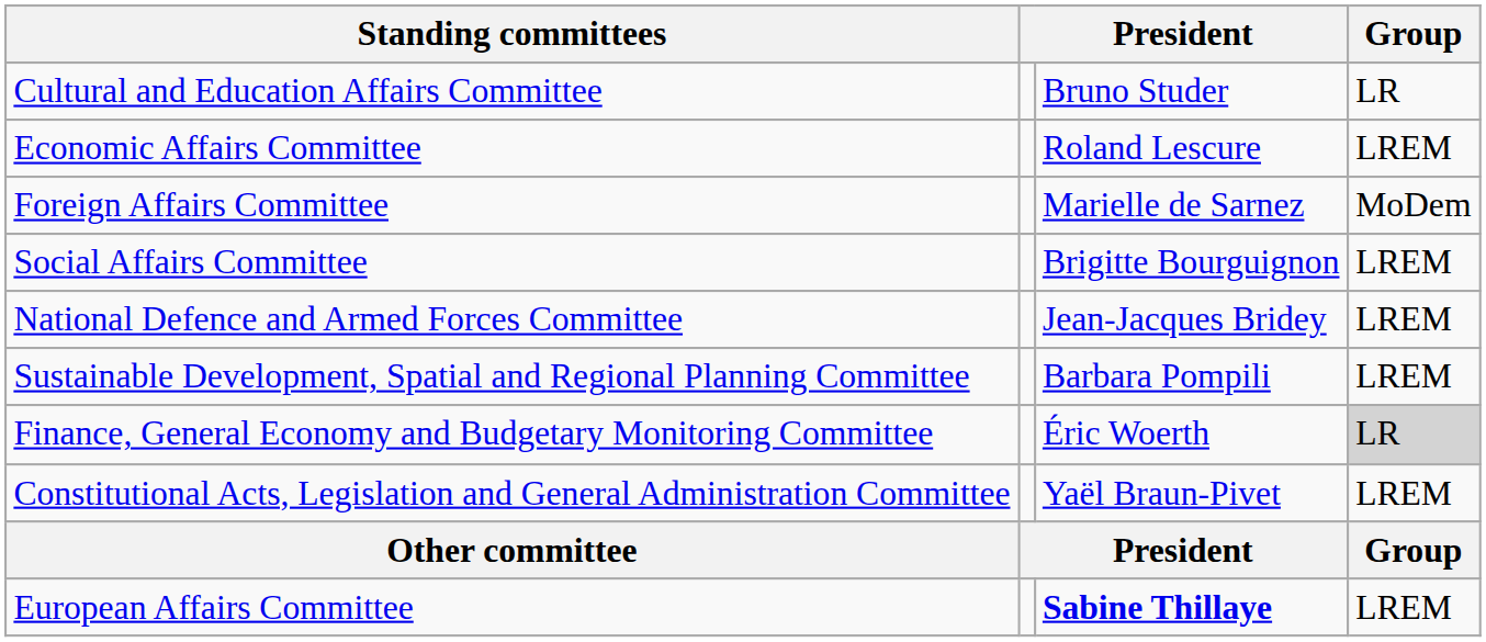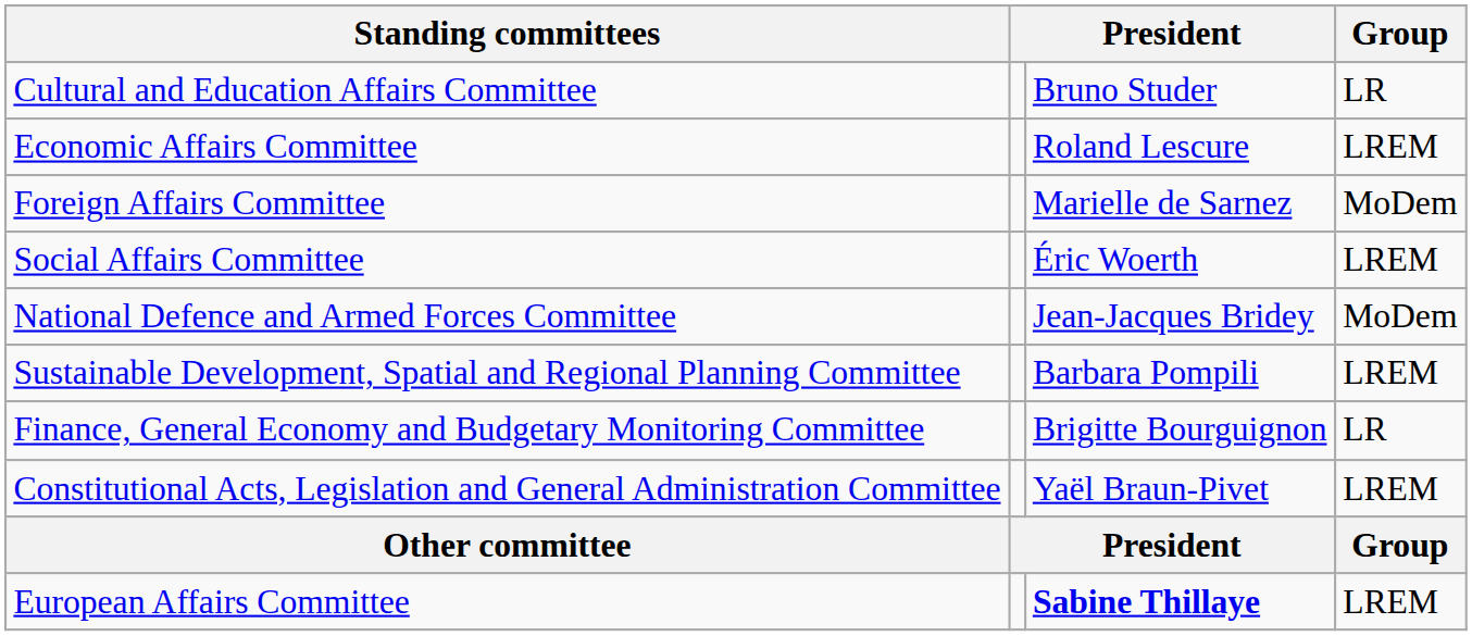 <table class="wikitable" style="font-size:95%;">
 <tr>
 <th>Standing committees</th>
 <th colspan="2">President</th>
 <th>Group</th>
 </tr>
 <tr>
 <td><a href='#'>Cultural and Education Affairs Committee</a></td>
 <td style="background:"></td>
 <td><a href='#'>Bruno Studer</a></td>
 <td>LR</td>
 </tr>
 <tr>
 <td><a href='#'>Economic Affairs Committee</a></td>
 <td style="background:"></td>
 <td><a href='#'>Roland Lescure</a></td>
 <td>LREM</td>
 </tr>
 <tr>
 <td><a href='#'>Foreign Affairs Committee</a></td>
 <td style="background:"></td>
 <td><a href='#'>Marielle de Sarnez</a></td>
 <td>MoDem</td>
 </tr>
 <tr>
 <td><a href='#'>Social Affairs Committee</a></td>
 <td style="background:"></td>
-<td><a href='#'>Brigitte Bourguignon</a></td>
+<td><a href='#'>Éric Woerth</a></td>
 <td>LREM</td>
 </tr>
 <tr>
 <td><a href='#'>National Defence and Armed Forces Committee</a></td>
 <td style="background:"></td>
 <td><a href='#'>Jean-Jacques Bridey</a></td>
-<td>LREM</td>
+<td>MoDem</td>
 </tr>
 <tr>
 <td><a href='#'>Sustainable Development, Spatial and Regional Planning Committee</a></td>
 <td style="background:"></td>
 <td><a href='#'>Barbara Pompili</a></td>
 <td>LREM</td>
 </tr>
 <tr>
 <td><a href='#'>Finance, General Economy and Budgetary Monitoring Committee</a></td>
 <td style="background:"></td>
-<td><a href='#'>Éric Woerth</a></td>
-<td style="background: lightgrey;">LR</td>
+<td><a href='#'>Brigitte Bourguignon</a></td>
+<td>LR</td>
 </tr>
 <tr>
 <td><a href='#'>Constitutional Acts, Legislation and General Administration Committee</a></td>
 <td style="background:"></td>
 <td><a href='#'>Yaël Braun-Pivet</a></td>
 <td>LREM</td>
 </tr>
 <tr>
 <th>Other committee</th>
 <th colspan="2">President</th>
 <th>Group</th>
 </tr>
 <tr>
 <td><a href='#'>European Affairs Committee</a></td>
 <td style="background:"></td>
 <td><strong><a href='#'>Sabine Thillaye</a></strong></td>
 <td>LREM</td>
 </tr>
 </table>
